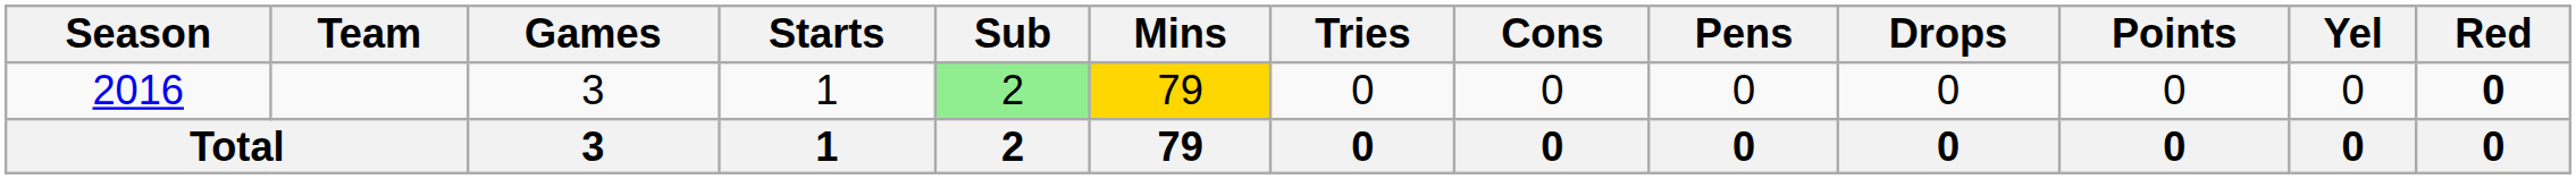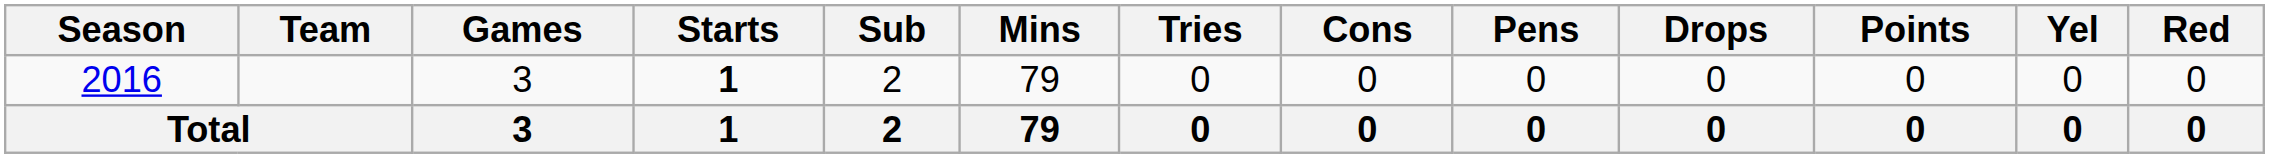 <table class="wikitable" style="text-align:center; line-height:90%; font-size:95%; width:60%;">
 <tr>
 <th>Season</th>
 <th>Team</th>
 <th>Games</th>
 <th>Starts</th>
 <th>Sub</th>
 <th>Mins</th>
 <th>Tries</th>
 <th>Cons</th>
 <th>Pens</th>
 <th>Drops</th>
 <th>Points</th>
 <th>Yel</th>
 <th>Red</th>
 </tr>
 <tr>
 <td><a href='#'>2016</a></td>
 <td></td>
 <td>3</td>
-<td>1</td>
-<td style="background: lightgreen;">2</td>
-<td style="background: gold;">79</td>
+<td><strong>1</strong></td>
+<td>2</td>
+<td>79</td>
 <td>0</td>
 <td>0</td>
 <td>0</td>
 <td>0</td>
 <td>0</td>
 <td>0</td>
-<td><strong>0</strong></td>
+<td>0</td>
 </tr>
 <tr>
 <th colspan="2">Total</th>
 <th>3</th>
 <th>1</th>
 <th>2</th>
 <th>79</th>
 <th>0</th>
 <th>0</th>
 <th>0</th>
 <th>0</th>
 <th>0</th>
 <th>0</th>
 <th>0</th>
 </tr>
 </table>
